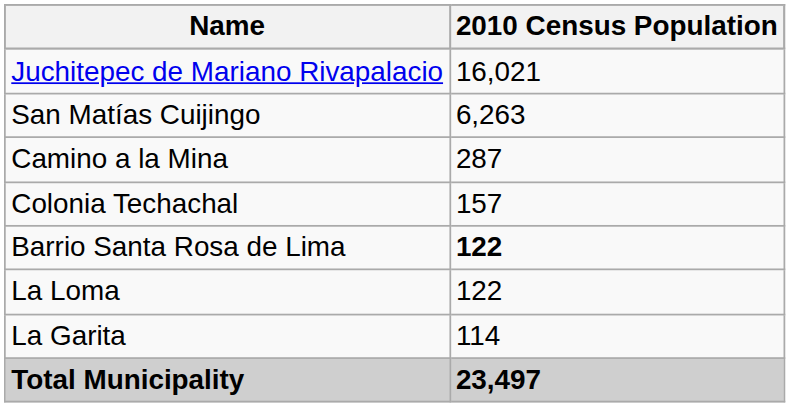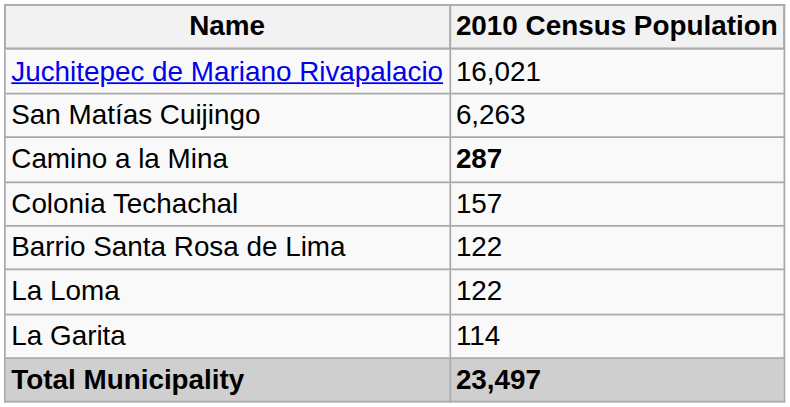 <table class="wikitable">
 <tr style="background:#000000; color:black;">
 <th><strong>Name</strong></th>
 <th><strong>2010 Census Population</strong></th>
 </tr>
 <tr>
 <td><a href='#'>Juchitepec de Mariano Rivapalacio</a></td>
 <td>16,021</td>
 </tr>
 <tr>
 <td>San Matías Cuijingo</td>
 <td>6,263</td>
 </tr>
 <tr>
 <td>Camino a la Mina</td>
-<td>287</td>
+<td><strong>287</strong></td>
 </tr>
 <tr>
 <td>Colonia Techachal</td>
 <td>157</td>
 </tr>
 <tr>
 <td>Barrio Santa Rosa de Lima</td>
-<td><strong>122</strong></td>
+<td>122</td>
 </tr>
 <tr>
 <td>La Loma</td>
 <td>122</td>
 </tr>
 <tr>
 <td>La Garita</td>
 <td>114</td>
 </tr>
 <tr style="background:#CFCFCF;">
 <td><strong>Total Municipality</strong></td>
 <td><strong>23,497</strong></td>
 </tr>
 </table>
